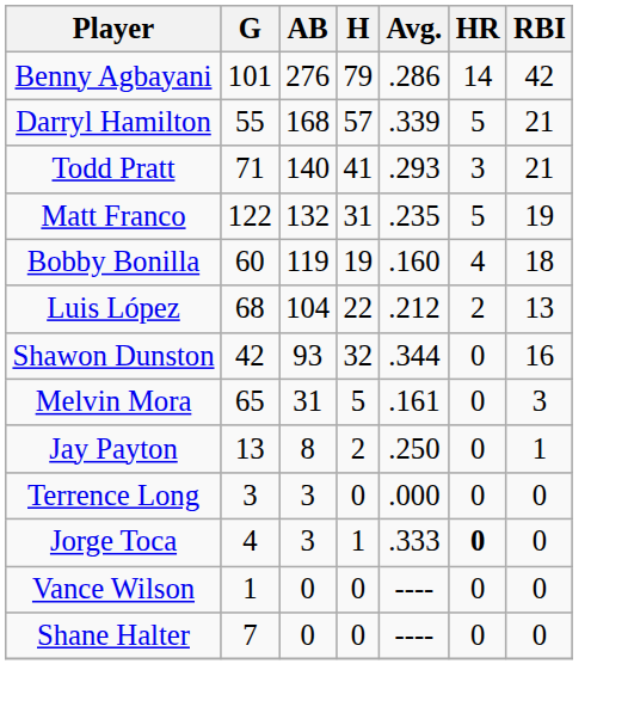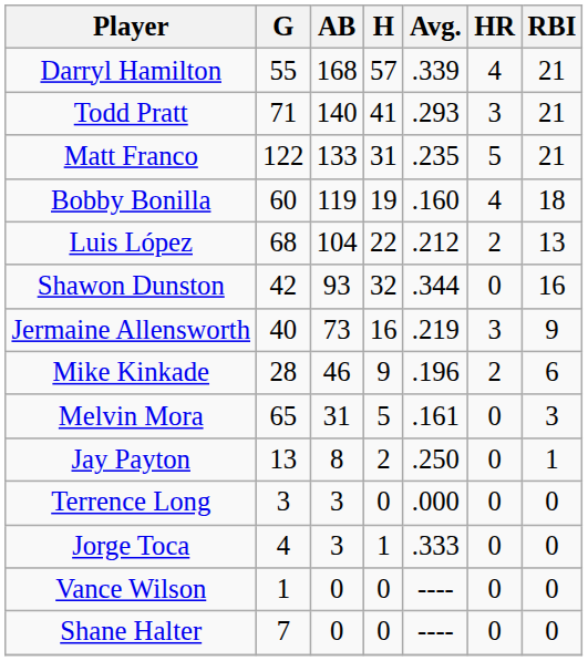 <table class="wikitable sortable">
 <tr>
 <th>Player</th>
 <th>G</th>
 <th>AB</th>
 <th>H</th>
 <th>Avg.</th>
 <th>HR</th>
 <th>RBI</th>
 </tr>
 <tr style="text-align: center">
-<td><a href='#'>Benny Agbayani</a></td>
-<td>101</td>
-<td>276</td>
-<td>79</td>
-<td>.286</td>
-<td>14</td>
-<td>42</td>
-</tr>
-<tr style="text-align: center">
 <td><a href='#'>Darryl Hamilton</a></td>
 <td>55</td>
 <td>168</td>
 <td>57</td>
 <td>.339</td>
-<td>5</td>
+<td>4</td>
 <td>21</td>
 </tr>
 <tr style="text-align: center">
 <td><a href='#'>Todd Pratt</a></td>
 <td>71</td>
 <td>140</td>
 <td>41</td>
 <td>.293</td>
 <td>3</td>
 <td>21</td>
 </tr>
 <tr style="text-align: center">
 <td><a href='#'>Matt Franco</a></td>
 <td>122</td>
-<td>132</td>
+<td>133</td>
 <td>31</td>
 <td>.235</td>
 <td>5</td>
-<td>19</td>
+<td>21</td>
 </tr>
 <tr style="text-align: center">
 <td><a href='#'>Bobby Bonilla</a></td>
 <td>60</td>
 <td>119</td>
 <td>19</td>
 <td>.160</td>
 <td>4</td>
 <td>18</td>
 </tr>
 <tr style="text-align: center">
 <td><a href='#'>Luis López</a></td>
 <td>68</td>
 <td>104</td>
 <td>22</td>
 <td>.212</td>
 <td>2</td>
 <td>13</td>
 </tr>
 <tr style="text-align: center">
 <td><a href='#'>Shawon Dunston</a></td>
 <td>42</td>
 <td>93</td>
 <td>32</td>
 <td>.344</td>
 <td>0</td>
 <td>16</td>
+</tr>
+<tr style="text-align: center">
+<td><a href='#'>Jermaine Allensworth</a></td>
+<td>40</td>
+<td>73</td>
+<td>16</td>
+<td>.219</td>
+<td>3</td>
+<td>9</td>
+</tr>
+<tr style="text-align: center">
+<td><a href='#'>Mike Kinkade</a></td>
+<td>28</td>
+<td>46</td>
+<td>9</td>
+<td>.196</td>
+<td>2</td>
+<td>6</td>
 </tr>
 <tr style="text-align: center">
 <td><a href='#'>Melvin Mora</a></td>
 <td>65</td>
 <td>31</td>
 <td>5</td>
 <td>.161</td>
 <td>0</td>
 <td>3</td>
 </tr>
 <tr style="text-align: center">
 <td><a href='#'>Jay Payton</a></td>
 <td>13</td>
 <td>8</td>
 <td>2</td>
 <td>.250</td>
 <td>0</td>
 <td>1</td>
 </tr>
 <tr style="text-align: center">
 <td><a href='#'>Terrence Long</a></td>
 <td>3</td>
 <td>3</td>
 <td>0</td>
 <td>.000</td>
 <td>0</td>
 <td>0</td>
 </tr>
 <tr style="text-align: center">
 <td><a href='#'>Jorge Toca</a></td>
 <td>4</td>
 <td>3</td>
 <td>1</td>
 <td>.333</td>
-<td><strong>0</strong></td>
+<td>0</td>
 <td>0</td>
 </tr>
 <tr style="text-align: center">
 <td><a href='#'>Vance Wilson</a></td>
 <td>1</td>
 <td>0</td>
 <td>0</td>
 <td>----</td>
 <td>0</td>
 <td>0</td>
 </tr>
 <tr style="text-align: center">
 <td><a href='#'>Shane Halter</a></td>
 <td>7</td>
 <td>0</td>
 <td>0</td>
 <td>----</td>
 <td>0</td>
 <td>0</td>
 </tr>
 <tr>
 </tr>
 </table>
